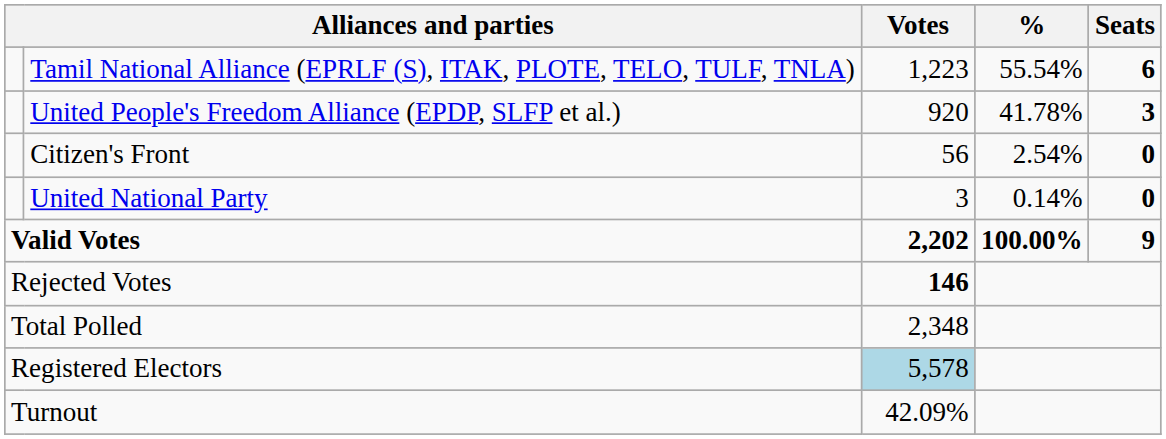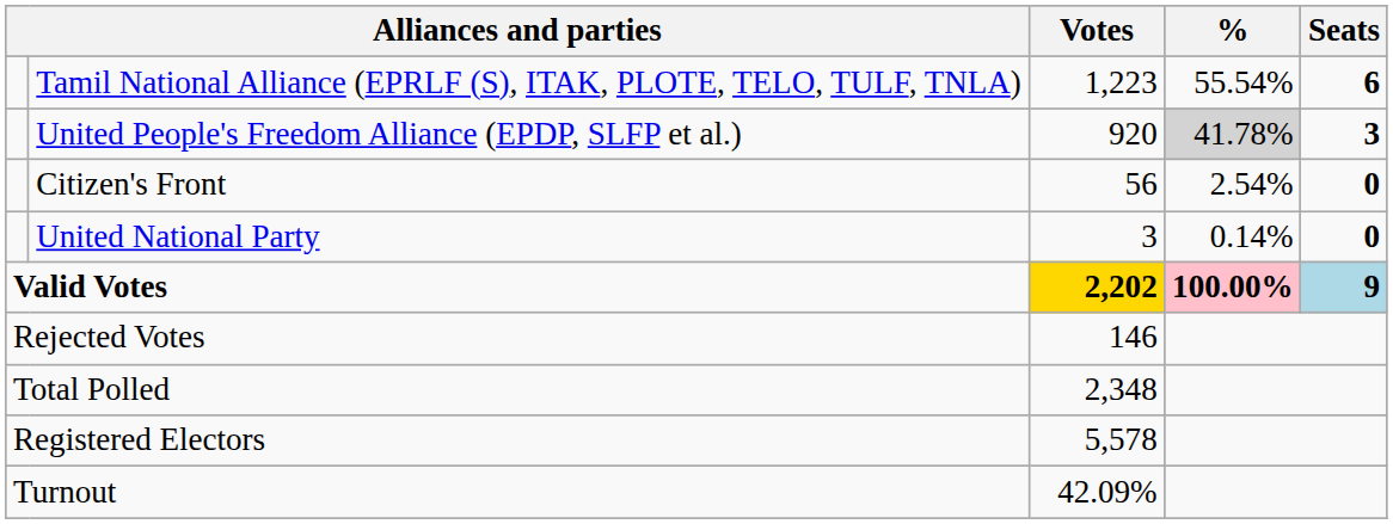 <table class="wikitable" border="1" style="text-align:right;">
 <tr>
 <th valign=bottom align=left colspan=2>Alliances and parties</th>
 <th valign=bottom align=center width="60">Votes</th>
 <th valign=bottom align=center width="50">%</th>
 <th valign=bottom align=center>Seats</th>
 </tr>
 <tr>
 <td bgcolor=> </td>
 <td align=left><a href='#'>Tamil National Alliance</a> (<a href='#'>EPRLF (S)</a>, <a href='#'>ITAK</a>, <a href='#'>PLOTE</a>, <a href='#'>TELO</a>, <a href='#'>TULF</a>, <a href='#'>TNLA</a>)</td>
 <td>1,223</td>
 <td>55.54%</td>
 <td><strong>6</strong></td>
 </tr>
 <tr>
 <td bgcolor=> </td>
 <td align=left><a href='#'>United People's Freedom Alliance</a> (<a href='#'>EPDP</a>, <a href='#'>SLFP</a> et al.)</td>
 <td>920</td>
-<td>41.78%</td>
+<td style="background: lightgrey;">41.78%</td>
 <td><strong>3</strong></td>
 </tr>
 <tr>
 <td></td>
 <td align=left>Citizen's Front</td>
 <td>56</td>
 <td>2.54%</td>
 <td><strong>0</strong></td>
 </tr>
 <tr>
 <td bgcolor=> </td>
 <td align=left><a href='#'>United National Party</a></td>
 <td>3</td>
 <td>0.14%</td>
 <td><strong>0</strong></td>
 </tr>
 <tr>
 <td colspan=2 align=left><strong>Valid Votes</strong></td>
-<td><strong>2,202</strong></td>
-<td><strong>100.00%</strong></td>
-<td><strong>9</strong></td>
+<td style="background: gold;"><strong>2,202</strong></td>
+<td style="background: pink;"><strong>100.00%</strong></td>
+<td style="background: lightblue;"><strong>9</strong></td>
 </tr>
 <tr>
 <td colspan=2 align=left>Rejected Votes</td>
-<td><strong>146</strong></td>
+<td>146</td>
 <td colspan=2></td>
 </tr>
 <tr>
 <td colspan=2 align=left>Total Polled</td>
 <td>2,348</td>
 <td colspan=2></td>
 </tr>
 <tr>
 <td colspan=2 align=left>Registered Electors</td>
-<td style="background: lightblue;">5,578</td>
+<td>5,578</td>
 <td colspan=2></td>
 </tr>
 <tr>
 <td colspan=2 align=left>Turnout</td>
 <td>42.09%</td>
 <td colspan=2></td>
 </tr>
 </table>
